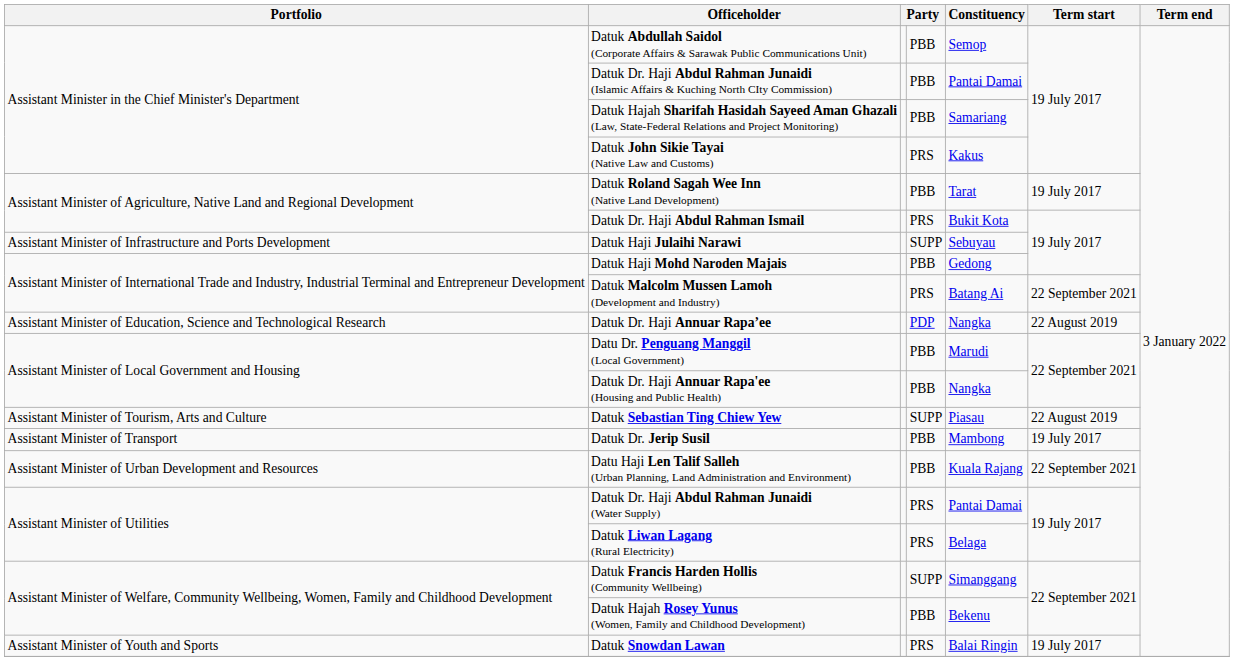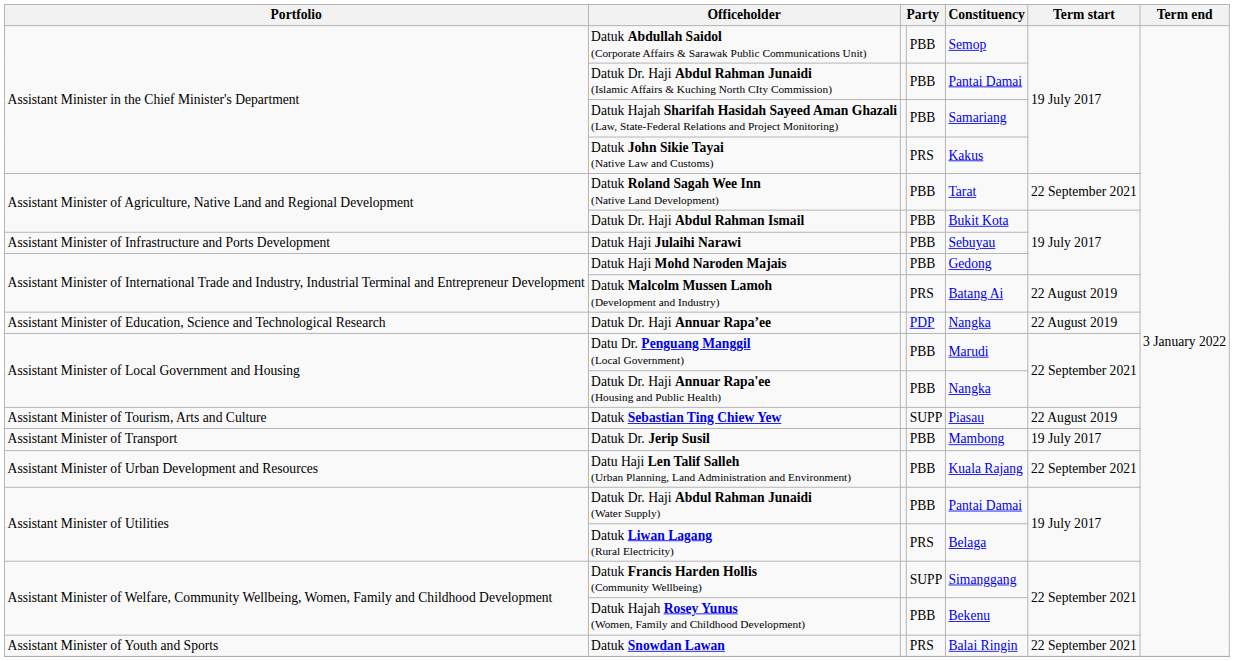 <table class="sortable wikitable">
 <tr>
 <th>Portfolio</th>
 <th>Officeholder</th>
 <th colspan="2">Party</th>
 <th>Constituency</th>
 <th>Term start</th>
 <th>Term end</th>
 </tr>
 <tr>
 <td rowspan="4">Assistant Minister in the Chief Minister's Department</td>
 <td>Datuk <strong>Abdullah Saidol</strong><br><small>(Corporate Affairs & Sarawak Public Communications Unit)</small></td>
 <td style="background:"></td>
 <td>PBB</td>
 <td><a href='#'>Semop</a></td>
 <td rowspan="4">19 July 2017</td>
 <td rowspan="20">3 January 2022</td>
 </tr>
 <tr>
 <td>Datuk Dr. Haji <strong>Abdul Rahman Junaidi</strong><br><small>(Islamic Affairs & Kuching North CIty Commission)</small></td>
 <td style="background:"></td>
 <td>PBB</td>
 <td><a href='#'>Pantai Damai</a></td>
 </tr>
 <tr>
 <td>Datuk Hajah <strong>Sharifah Hasidah Sayeed Aman Ghazali</strong><br><small>(Law, State-Federal Relations and Project Monitoring)</small></td>
 <td style="background:"></td>
 <td>PBB</td>
 <td><a href='#'>Samariang</a></td>
 </tr>
 <tr>
 <td>Datuk <strong>John Sikie Tayai</strong><br><small>(Native Law and Customs)</small></td>
 <td style="background:"></td>
 <td>PRS</td>
 <td><a href='#'>Kakus</a></td>
 </tr>
 <tr>
 <td rowspan="2">Assistant Minister of Agriculture, Native Land and Regional Development</td>
 <td>Datuk <strong>Roland Sagah Wee Inn</strong><br><small>(Native Land Development)</small></td>
 <td style="background:"></td>
 <td>PBB</td>
 <td><a href='#'>Tarat</a></td>
-<td>19 July 2017</td>
+<td>22 September 2021</td>
 </tr>
 <tr>
 <td>Datuk Dr. Haji <strong>Abdul Rahman Ismail</strong></td>
 <td style="background:"></td>
-<td>PRS</td>
+<td>PBB</td>
 <td><a href='#'>Bukit Kota</a></td>
 <td rowspan="3">19 July 2017</td>
 </tr>
 <tr>
 <td>Assistant Minister of Infrastructure and Ports Development</td>
 <td>Datuk Haji <strong>Julaihi Narawi</strong></td>
 <td style="background:"></td>
-<td>SUPP</td>
+<td>PBB</td>
 <td><a href='#'>Sebuyau</a></td>
 </tr>
 <tr>
 <td rowspan="2">Assistant Minister of International Trade and Industry, Industrial Terminal and Entrepreneur Development</td>
 <td>Datuk Haji <strong>Mohd Naroden Majais</strong></td>
 <td style="background:"></td>
 <td>PBB</td>
 <td><a href='#'>Gedong</a></td>
 </tr>
 <tr>
 <td>Datuk <strong>Malcolm Mussen Lamoh</strong><br><small>(Development and Industry)</small></td>
 <td style="background:"></td>
 <td>PRS</td>
 <td><a href='#'>Batang Ai</a></td>
-<td>22 September 2021</td>
+<td>22 August 2019</td>
 </tr>
 <tr>
 <td>Assistant Minister of Education, Science and Technological Research</td>
 <td>Datuk Dr. Haji <strong>Annuar Rapa’ee</strong></td>
 <td style="background:"></td>
 <td><a href='#'>PDP</a></td>
 <td><a href='#'>Nangka</a></td>
 <td>22 August 2019</td>
 </tr>
 <tr>
 <td rowspan="2">Assistant Minister of Local Government and Housing</td>
 <td>Datu Dr. <strong><a href='#'>Penguang Manggil</a></strong><br><small>(Local Government)</small></td>
 <td style="background:"></td>
 <td>PBB</td>
 <td><a href='#'>Marudi</a></td>
 <td rowspan="2">22 September 2021</td>
 </tr>
 <tr>
 <td>Datuk Dr. Haji <strong>Annuar Rapa'ee</strong><br><small>(Housing and Public Health)</small></td>
 <td style="background:"></td>
 <td>PBB</td>
 <td><a href='#'>Nangka</a></td>
 </tr>
 <tr>
 <td>Assistant Minister of Tourism, Arts and Culture</td>
 <td>Datuk <strong><a href='#'>Sebastian Ting Chiew Yew</a></strong></td>
 <td style="background:"></td>
 <td>SUPP</td>
 <td><a href='#'>Piasau</a></td>
 <td>22 August 2019</td>
 </tr>
 <tr>
 <td>Assistant Minister of Transport</td>
 <td>Datuk Dr. <strong>Jerip Susil</strong></td>
 <td style="background:"></td>
 <td>PBB</td>
 <td><a href='#'>Mambong</a></td>
 <td>19 July 2017</td>
 </tr>
 <tr>
 <td>Assistant Minister of Urban Development and Resources</td>
 <td>Datu Haji <strong>Len Talif Salleh</strong><br><small>(Urban Planning, Land Administration and Environment)</small></td>
 <td style="background:"></td>
 <td>PBB</td>
 <td><a href='#'>Kuala Rajang</a></td>
 <td>22 September 2021</td>
 </tr>
 <tr>
 <td rowspan="2">Assistant Minister of Utilities</td>
 <td>Datuk Dr. Haji <strong>Abdul Rahman Junaidi</strong><br><small>(Water Supply)</small></td>
 <td style="background:"></td>
-<td>PRS</td>
+<td>PBB</td>
 <td><a href='#'>Pantai Damai</a></td>
 <td rowspan="2">19 July 2017</td>
 </tr>
 <tr>
 <td>Datuk <strong><a href='#'>Liwan Lagang</a></strong><br><small>(Rural Electricity)</small></td>
 <td style="background:"></td>
 <td>PRS</td>
 <td><a href='#'>Belaga</a></td>
 </tr>
 <tr>
 <td rowspan="2">Assistant Minister of Welfare, Community Wellbeing, Women, Family and Childhood Development</td>
 <td>Datuk <strong>Francis Harden Hollis</strong><br><small>(Community Wellbeing)</small></td>
 <td style="background:"></td>
 <td>SUPP</td>
 <td><a href='#'>Simanggang</a></td>
 <td rowspan="2">22 September 2021</td>
 </tr>
 <tr>
 <td>Datuk Hajah <strong><a href='#'>Rosey Yunus</a></strong><br><small>(Women, Family and Childhood Development)</small></td>
 <td style="background:"></td>
 <td>PBB</td>
 <td><a href='#'>Bekenu</a></td>
 </tr>
 <tr>
 <td>Assistant Minister of Youth and Sports</td>
 <td>Datuk <strong><a href='#'>Snowdan Lawan</a></strong></td>
 <td style="background:"></td>
 <td>PRS</td>
 <td><a href='#'>Balai Ringin</a></td>
-<td>19 July 2017</td>
+<td>22 September 2021</td>
 </tr>
 <tr>
 </tr>
 </table>
